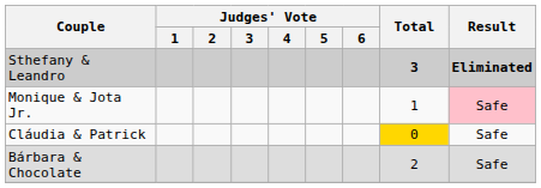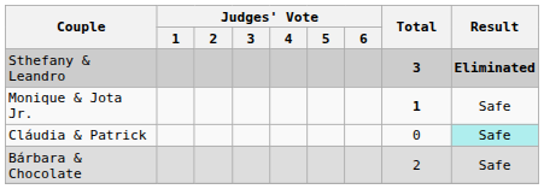 <table class="wikitable" style="text-align:center;">
 <tr>
 <th rowspan=2 width="140">Couple</th>
 <th colspan=6 width="180">Judges' Vote</th>
 <th rowspan=2 width="060">Total</th>
 <th rowspan=2 width="060">Result</th>
 </tr>
 <tr>
 <th width="30">1</th>
 <th width="30">2</th>
 <th width="30">3</th>
 <th width="30">4</th>
 <th width="30">5</th>
 <th width="30">6</th>
 </tr>
 <tr bgcolor="CCCCCC">
 <td align="left">Sthefany & Leandro</td>
 <td></td>
 <td></td>
 <td></td>
 <td></td>
 <td></td>
 <td></td>
 <td><strong>3</strong></td>
 <td><strong>Eliminated</strong></td>
 </tr>
 <tr>
 <td align="left">Monique & Jota Jr.</td>
 <td></td>
 <td></td>
 <td></td>
 <td></td>
 <td></td>
 <td></td>
-<td>1</td>
-<td style="background: pink;">Safe</td>
+<td><strong>1</strong></td>
+<td>Safe</td>
 </tr>
 <tr>
 <td align="left">Cláudia & Patrick</td>
 <td></td>
 <td></td>
 <td></td>
 <td></td>
 <td></td>
 <td></td>
-<td style="background: gold;">0</td>
-<td>Safe</td>
+<td>0</td>
+<td style="background: paleturquoise;">Safe</td>
 </tr>
 <tr bgcolor="DDDDDD">
 <td align="left">Bárbara & Chocolate</td>
 <td></td>
 <td></td>
 <td></td>
 <td></td>
 <td></td>
 <td></td>
 <td>2</td>
 <td>Safe</td>
 </tr>
 <tr>
 </tr>
 </table>
